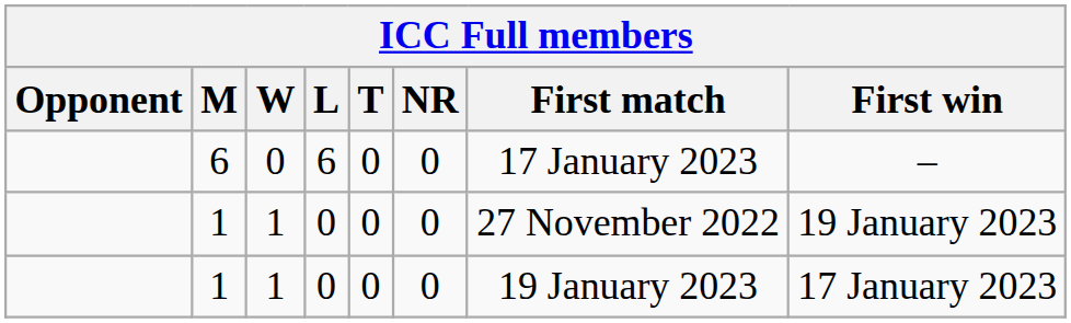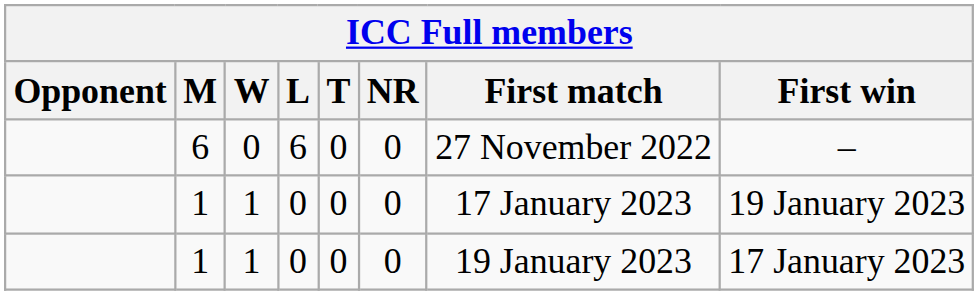 <table class="wikitable" style="text-align: center;">
 <tr>
 <th colspan="8"><a href='#'>ICC Full members</a></th>
 </tr>
 <tr>
 <th>Opponent</th>
 <th>M</th>
 <th>W</th>
 <th>L</th>
 <th>T</th>
 <th>NR</th>
 <th>First match</th>
 <th>First win</th>
 </tr>
 <tr>
 <td></td>
 <td>6</td>
 <td>0</td>
 <td>6</td>
 <td>0</td>
 <td>0</td>
-<td>17 January 2023</td>
+<td>27 November 2022</td>
 <td>–</td>
 </tr>
 <tr>
 <td></td>
 <td>1</td>
 <td>1</td>
 <td>0</td>
 <td>0</td>
 <td>0</td>
-<td>27 November 2022</td>
+<td>17 January 2023</td>
 <td>19 January 2023</td>
 </tr>
 <tr>
 <td></td>
 <td>1</td>
 <td>1</td>
 <td>0</td>
 <td>0</td>
 <td>0</td>
 <td>19 January 2023</td>
 <td>17 January 2023</td>
 </tr>
 </table>
